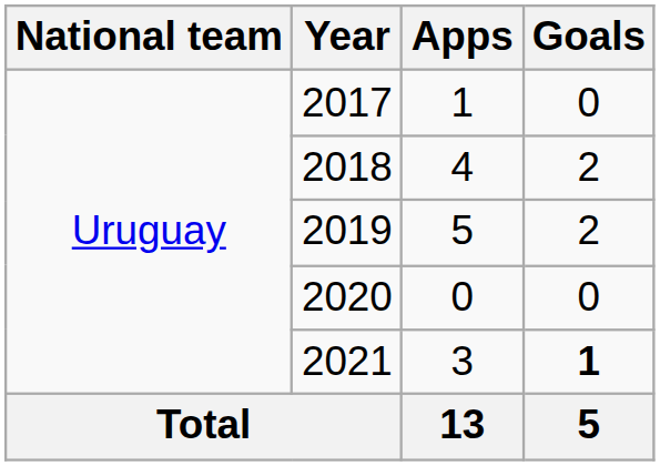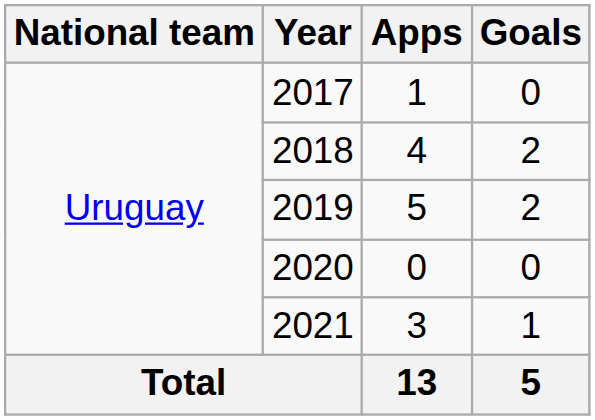 <table class="wikitable" style="text-align:center">
 <tr>
 <th>National team</th>
 <th>Year</th>
 <th>Apps</th>
 <th>Goals</th>
 </tr>
 <tr>
 <td rowspan="5"><a href='#'>Uruguay</a></td>
 <td>2017</td>
 <td>1</td>
 <td>0</td>
 </tr>
 <tr>
 <td>2018</td>
 <td>4</td>
 <td>2</td>
 </tr>
 <tr>
 <td>2019</td>
 <td>5</td>
 <td>2</td>
 </tr>
 <tr>
 <td>2020</td>
 <td>0</td>
 <td>0</td>
 </tr>
 <tr>
 <td>2021</td>
 <td>3</td>
-<td><strong>1</strong></td>
+<td>1</td>
 </tr>
 <tr>
 <th colspan="2">Total</th>
 <th>13</th>
 <th>5</th>
 </tr>
 </table>
